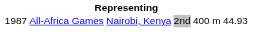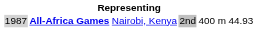 <table>
 <tr>
 <th colspan="6">Representing </th>
 </tr>
 <tr>
-<td>1987</td>
-<td><a href='#'>All-Africa Games</a></td>
+<td style="background: lightgrey;">1987</td>
+<td><strong><a href='#'>All-Africa Games</a></strong></td>
 <td><a href='#'>Nairobi, Kenya</a></td>
 <td bgcolor=silver>2nd</td>
 <td>400 m</td>
 <td>44.93</td>
 </tr>
 </table>
